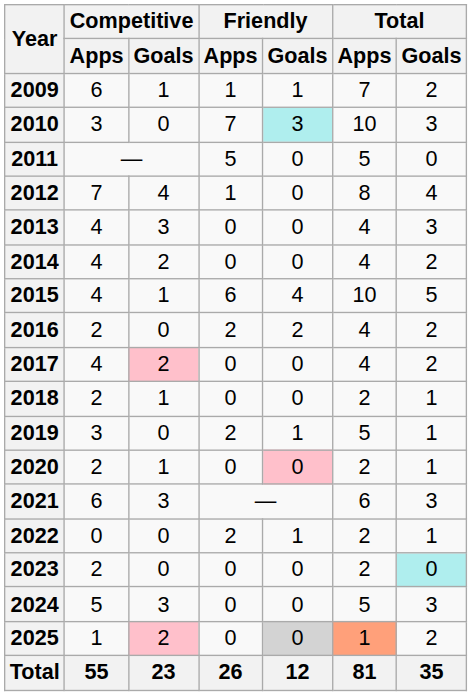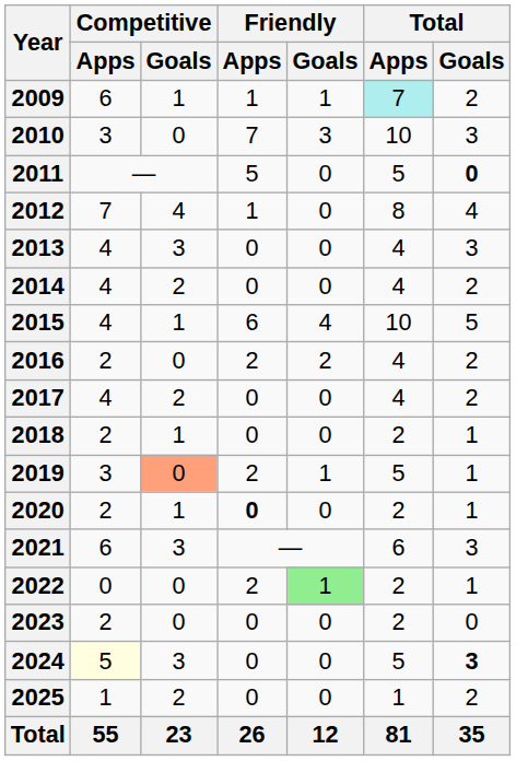 <table class="wikitable" style="text-align:center">
 <tr>
 <th scope="col" rowspan="2">Year</th>
 <th scope="colgroup" colspan="2">Competitive</th>
 <th scope="colgroup" colspan="2">Friendly</th>
 <th scope="colgroup" colspan="2">Total</th>
 </tr>
 <tr>
 <th scope="col">Apps</th>
 <th scope="col">Goals</th>
 <th scope="col">Apps</th>
 <th scope="col">Goals</th>
 <th scope="col">Apps</th>
 <th scope="col">Goals</th>
 </tr>
 <tr>
 <th scope="row">2009</th>
 <td>6</td>
 <td>1</td>
 <td>1</td>
 <td>1</td>
-<td>7</td>
+<td style="background: paleturquoise;">7</td>
 <td>2</td>
 </tr>
 <tr>
 <th scope="row">2010</th>
 <td>3</td>
 <td>0</td>
 <td>7</td>
-<td style="background: paleturquoise;">3</td>
+<td>3</td>
 <td>10</td>
 <td>3</td>
 </tr>
 <tr>
 <th scope="row">2011</th>
 <td colspan="2">—</td>
 <td>5</td>
 <td>0</td>
 <td>5</td>
-<td>0</td>
+<td><strong>0</strong></td>
 </tr>
 <tr>
 <th scope="row">2012</th>
 <td>7</td>
 <td>4</td>
 <td>1</td>
 <td>0</td>
 <td>8</td>
 <td>4</td>
 </tr>
 <tr>
 <th scope="row">2013</th>
 <td>4</td>
 <td>3</td>
 <td>0</td>
 <td>0</td>
 <td>4</td>
 <td>3</td>
 </tr>
 <tr>
 <th scope="row">2014</th>
 <td>4</td>
 <td>2</td>
 <td>0</td>
 <td>0</td>
 <td>4</td>
 <td>2</td>
 </tr>
 <tr>
 <th scope="row">2015</th>
 <td>4</td>
 <td>1</td>
 <td>6</td>
 <td>4</td>
 <td>10</td>
 <td>5</td>
 </tr>
 <tr>
 <th scope="row">2016</th>
 <td>2</td>
 <td>0</td>
 <td>2</td>
 <td>2</td>
 <td>4</td>
 <td>2</td>
 </tr>
 <tr>
 <th scope="row">2017</th>
 <td>4</td>
-<td style="background: pink;">2</td>
+<td>2</td>
 <td>0</td>
 <td>0</td>
 <td>4</td>
 <td>2</td>
 </tr>
 <tr>
 <th scope="row">2018</th>
 <td>2</td>
 <td>1</td>
 <td>0</td>
 <td>0</td>
 <td>2</td>
 <td>1</td>
 </tr>
 <tr>
 <th scope="row">2019</th>
 <td>3</td>
-<td>0</td>
+<td style="background: lightsalmon;">0</td>
 <td>2</td>
 <td>1</td>
 <td>5</td>
 <td>1</td>
 </tr>
 <tr>
 <th scope="row">2020</th>
 <td>2</td>
 <td>1</td>
+<td><strong>0</strong></td>
 <td>0</td>
-<td style="background: pink;">0</td>
 <td>2</td>
 <td>1</td>
 </tr>
 <tr>
 <th scope="row">2021</th>
 <td>6</td>
 <td>3</td>
 <td colspan="2">—</td>
 <td>6</td>
 <td>3</td>
 </tr>
 <tr>
 <th scope="row">2022</th>
 <td>0</td>
 <td>0</td>
 <td>2</td>
-<td>1</td>
+<td style="background: lightgreen;">1</td>
 <td>2</td>
 <td>1</td>
 </tr>
 <tr>
 <th scope="row">2023</th>
 <td>2</td>
 <td>0</td>
 <td>0</td>
 <td>0</td>
 <td>2</td>
-<td style="background: paleturquoise;">0</td>
+<td>0</td>
 </tr>
 <tr>
 <th scope="row">2024</th>
-<td>5</td>
+<td style="background: lightyellow;">5</td>
 <td>3</td>
 <td>0</td>
 <td>0</td>
 <td>5</td>
-<td>3</td>
+<td><strong>3</strong></td>
 </tr>
 <tr>
 <th scope="row">2025</th>
 <td>1</td>
-<td style="background: pink;">2</td>
+<td>2</td>
 <td>0</td>
-<td style="background: lightgrey;">0</td>
-<td style="background: lightsalmon;">1</td>
+<td>0</td>
+<td>1</td>
 <td>2</td>
 </tr>
 <tr>
 <th>Total</th>
 <th>55</th>
 <th>23</th>
 <th>26</th>
 <th>12</th>
 <th>81</th>
 <th>35</th>
 </tr>
 </table>
